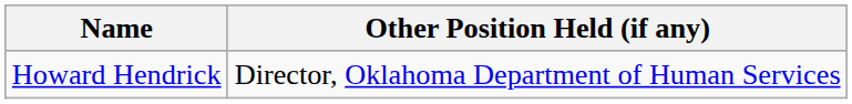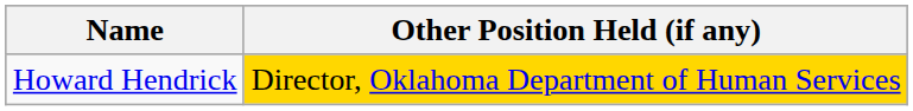 <table class="wikitable">
 <tr>
 <th>Name</th>
 <th>Other Position Held (if any)</th>
 </tr>
 <tr>
 <td><a href='#'>Howard Hendrick</a></td>
-<td>Director, <a href='#'>Oklahoma Department of Human Services</a></td>
+<td style="background: gold;">Director, <a href='#'>Oklahoma Department of Human Services</a></td>
 </tr>
 </table>
